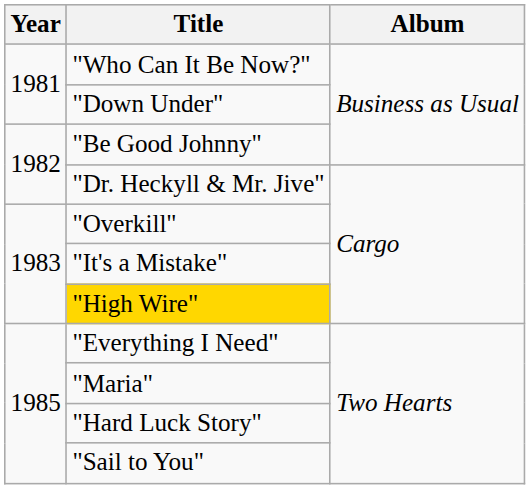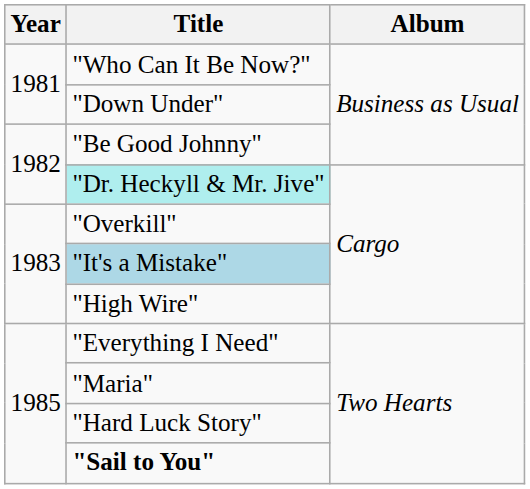 <table class="wikitable">
 <tr>
 <th scope="col">Year</th>
 <th scope="col">Title</th>
 <th scope="col">Album</th>
 </tr>
 <tr>
 <td rowspan="2">1981</td>
 <td>"Who Can It Be Now?"</td>
 <td rowspan="3"><em>Business as Usual</em></td>
 </tr>
 <tr>
 <td>"Down Under"</td>
 </tr>
 <tr>
 <td rowspan="2">1982</td>
 <td>"Be Good Johnny"</td>
 </tr>
 <tr>
-<td>"Dr. Heckyll & Mr. Jive"</td>
+<td style="background: paleturquoise;">"Dr. Heckyll & Mr. Jive"</td>
 <td rowspan="4"><em>Cargo</em></td>
 </tr>
 <tr>
 <td rowspan="3">1983</td>
 <td>"Overkill"</td>
 </tr>
 <tr>
-<td>"It's a Mistake"</td>
+<td style="background: lightblue;">"It's a Mistake"</td>
 </tr>
 <tr>
-<td style="background: gold;">"High Wire"</td>
+<td>"High Wire"</td>
 </tr>
 <tr>
 <td rowspan="4">1985</td>
 <td>"Everything I Need"</td>
 <td rowspan="4"><em>Two Hearts</em></td>
 </tr>
 <tr>
 <td>"Maria"</td>
 </tr>
 <tr>
 <td>"Hard Luck Story"</td>
 </tr>
 <tr>
-<td>"Sail to You"</td>
+<td><strong>"Sail to You"</strong></td>
 </tr>
 </table>
